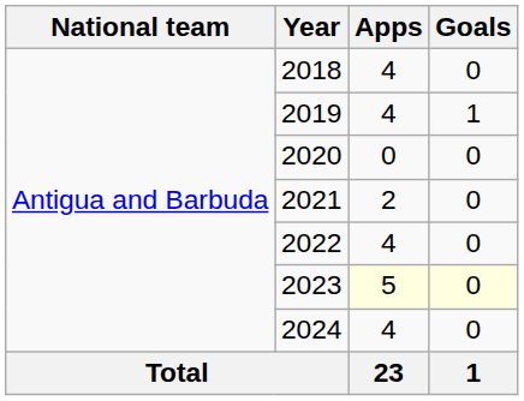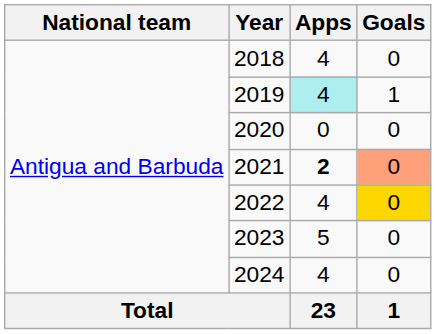 <table class="wikitable" style="text-align:center">
 <tr>
 <th>National team</th>
 <th>Year</th>
 <th>Apps</th>
 <th>Goals</th>
 </tr>
 <tr>
 <td rowspan="7"><a href='#'>Antigua and Barbuda</a></td>
 <td>2018</td>
 <td>4</td>
 <td>0</td>
 </tr>
 <tr>
 <td>2019</td>
-<td>4</td>
+<td style="background: paleturquoise;">4</td>
 <td>1</td>
 </tr>
 <tr>
 <td>2020</td>
 <td>0</td>
 <td>0</td>
 </tr>
 <tr>
 <td>2021</td>
-<td>2</td>
-<td>0</td>
+<td><strong>2</strong></td>
+<td style="background: lightsalmon;">0</td>
 </tr>
 <tr>
 <td>2022</td>
 <td>4</td>
-<td>0</td>
+<td style="background: gold;">0</td>
 </tr>
 <tr>
 <td>2023</td>
-<td style="background: lightyellow;">5</td>
-<td style="background: lightyellow;">0</td>
+<td>5</td>
+<td>0</td>
 </tr>
 <tr>
 <td>2024</td>
 <td>4</td>
 <td>0</td>
 </tr>
 <tr>
 <th colspan="2">Total</th>
 <th>23</th>
 <th>1</th>
 </tr>
 </table>
